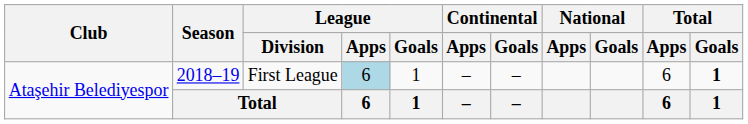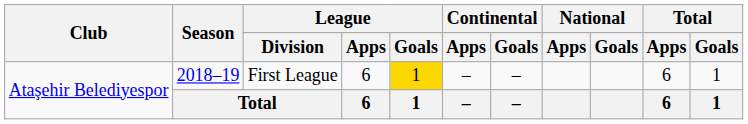 <table class="wikitable" style="text-align: center;">
 <tr>
 <th rowspan=2>Club</th>
 <th rowspan=2>Season</th>
 <th colspan=3>League</th>
 <th colspan=2>Continental</th>
 <th colspan=2>National</th>
 <th colspan=2>Total</th>
 </tr>
 <tr>
 <th>Division</th>
 <th>Apps</th>
 <th>Goals</th>
 <th>Apps</th>
 <th>Goals</th>
 <th>Apps</th>
 <th>Goals</th>
 <th>Apps</th>
 <th>Goals</th>
 </tr>
 <tr>
 <td rowspan=2><a href='#'>Ataşehir Belediyespor</a></td>
 <td><a href='#'>2018–19</a></td>
 <td>First League</td>
-<td style="background: lightblue;">6</td>
-<td>1</td>
+<td>6</td>
+<td style="background: gold;">1</td>
 <td>–</td>
 <td>–</td>
 <td></td>
 <td></td>
 <td>6</td>
-<td><strong>1</strong></td>
+<td>1</td>
 </tr>
 <tr>
 <th colspan="2">Total</th>
 <th>6</th>
 <th>1</th>
 <th>–</th>
 <th>–</th>
 <th></th>
 <th></th>
 <th>6</th>
 <th>1</th>
 </tr>
 </table>
